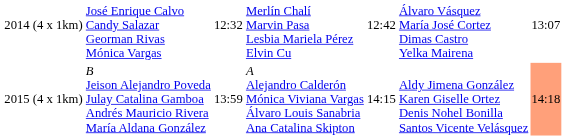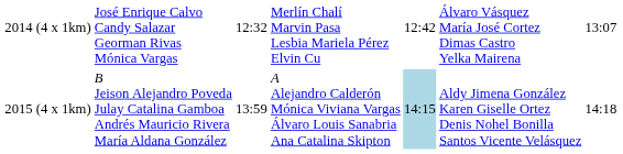 <table>
 <tr>
 <td>2014 (4 x 1km)</td>
 <td><br><a href='#'>José Enrique Calvo</a><br><a href='#'>Candy Salazar</a><br><a href='#'>Georman Rivas</a><br><a href='#'>Mónica Vargas</a></td>
 <td>12:32</td>
 <td><br><a href='#'>Merlín Chalí</a><br><a href='#'>Marvin Pasa</a><br><a href='#'>Lesbia Mariela Pérez</a><br><a href='#'>Elvin Cu</a></td>
 <td>12:42</td>
 <td><br><a href='#'>Álvaro Vásquez</a><br><a href='#'>María José Cortez</a><br><a href='#'>Dimas Castro</a><br><a href='#'>Yelka Mairena</a></td>
 <td>13:07</td>
 </tr>
 <tr>
 <td>2015 (4 x 1km)</td>
 <td> <em>B</em><br><a href='#'>Jeison Alejandro Poveda</a><br><a href='#'>Julay Catalina Gamboa</a><br><a href='#'>Andrés Mauricio Rivera</a><br><a href='#'>María Aldana González</a></td>
 <td>13:59</td>
 <td> <em>A</em><br><a href='#'>Alejandro Calderón</a><br><a href='#'>Mónica Viviana Vargas</a><br><a href='#'>Álvaro Louis Sanabria</a><br><a href='#'>Ana Catalina Skipton</a></td>
-<td>14:15</td>
+<td style="background: lightblue;">14:15</td>
 <td><br><a href='#'>Aldy Jimena González</a><br><a href='#'>Karen Giselle Ortez</a><br><a href='#'>Denis Nohel Bonilla</a><br><a href='#'>Santos Vicente Velásquez</a></td>
-<td style="background: lightsalmon;">14:18</td>
+<td>14:18</td>
 </tr>
 </table>
